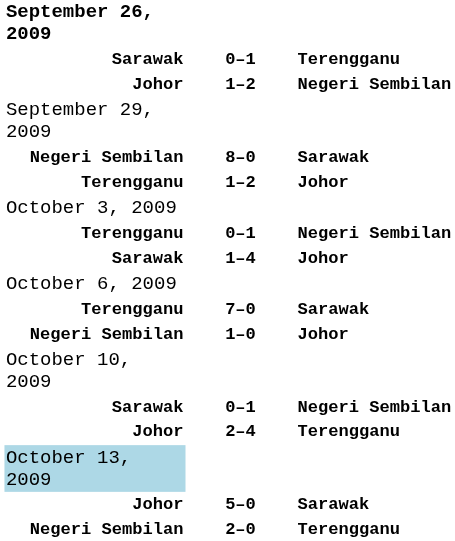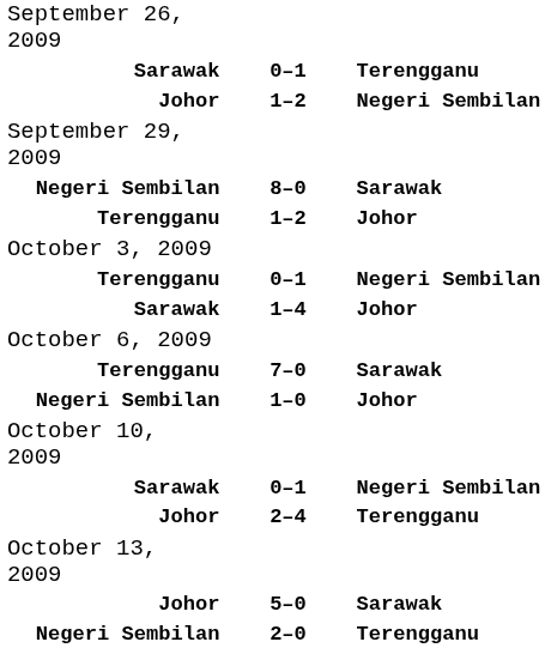 <table width=100% cellspacing=1>
 <tr>
 <th width=20%></th>
 <th width=12%></th>
 <th width=20%></th>
 <th></th>
 </tr>
 <tr>
-<td><strong>September 26, 2009</strong></td>
+<td>September 26, 2009</td>
 </tr>
 <tr style=font-size:90%>
 <td align=right><strong>Sarawak</strong></td>
 <td align=center><strong>0–1</strong></td>
 <td><strong>Terengganu</strong></td>
 <td></td>
 <td></td>
 </tr>
 <tr style=font-size:90%>
 <td align=right><strong>Johor</strong></td>
 <td align=center><strong>1–2</strong></td>
 <td><strong>Negeri Sembilan</strong></td>
 <td></td>
 <td></td>
 </tr>
 <tr>
 <td>September 29, 2009</td>
 </tr>
 <tr style=font-size:90%>
 <td align=right><strong>Negeri Sembilan</strong></td>
 <td align=center><strong>8–0</strong></td>
 <td><strong>Sarawak</strong></td>
 <td></td>
 <td></td>
 </tr>
 <tr style=font-size:90%>
 <td align=right><strong>Terengganu</strong></td>
 <td align=center><strong>1–2</strong></td>
 <td><strong>Johor</strong></td>
 <td></td>
 <td></td>
 </tr>
 <tr>
 <td>October 3, 2009</td>
 </tr>
 <tr style=font-size:90%>
 <td align=right><strong>Terengganu</strong></td>
 <td align=center><strong>0–1</strong></td>
 <td><strong>Negeri Sembilan</strong></td>
 <td></td>
 <td></td>
 </tr>
 <tr style=font-size:90%>
 <td align=right><strong>Sarawak</strong></td>
 <td align=center><strong>1–4</strong></td>
 <td><strong>Johor</strong></td>
 <td></td>
 <td></td>
 </tr>
 <tr>
 <td>October 6, 2009</td>
 </tr>
 <tr style=font-size:90%>
 <td align=right><strong>Terengganu</strong></td>
 <td align=center><strong>7–0</strong></td>
 <td><strong>Sarawak</strong></td>
 <td></td>
 <td></td>
 </tr>
 <tr style=font-size:90%>
 <td align=right><strong>Negeri Sembilan</strong></td>
 <td align=center><strong>1–0</strong></td>
 <td><strong>Johor</strong></td>
 <td></td>
 <td></td>
 </tr>
 <tr>
 <td>October 10, 2009</td>
 </tr>
 <tr style=font-size:90%>
 <td align=right><strong>Sarawak</strong></td>
 <td align=center><strong>0–1</strong></td>
 <td><strong>Negeri Sembilan</strong></td>
 <td></td>
 <td></td>
 </tr>
 <tr style=font-size:90%>
 <td align=right><strong>Johor</strong></td>
 <td align=center><strong>2–4</strong></td>
 <td><strong>Terengganu</strong></td>
 <td></td>
 <td></td>
 </tr>
 <tr>
-<td style="background: lightblue;">October 13, 2009</td>
+<td>October 13, 2009</td>
 </tr>
 <tr style=font-size:90%>
 <td align=right><strong>Johor</strong></td>
 <td align=center><strong>5–0</strong></td>
 <td><strong>Sarawak</strong></td>
 <td></td>
 <td></td>
 </tr>
 <tr style=font-size:90%>
 <td align=right><strong>Negeri Sembilan</strong></td>
 <td align=center><strong>2–0</strong></td>
 <td><strong>Terengganu</strong></td>
 <td></td>
 <td></td>
 </tr>
 </table>
